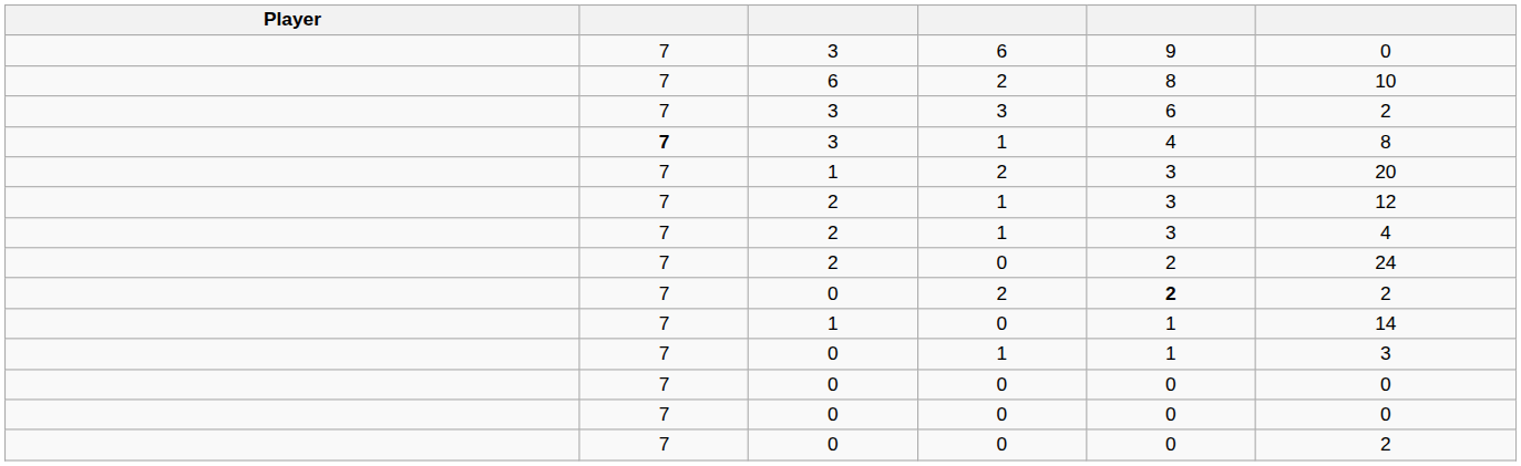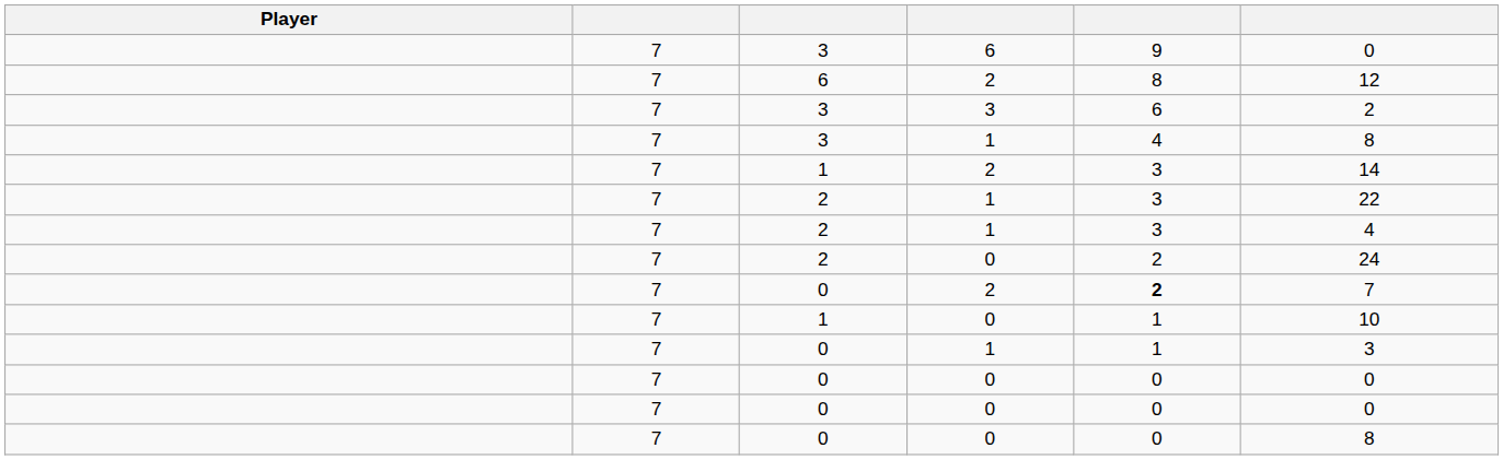 <table class="wikitable sortable" style="width:100%;">
 <tr align=center>
 <th>Player</th>
 <th></th>
 <th></th>
 <th></th>
 <th></th>
 <th></th>
 </tr>
 <tr align=center>
 <td></td>
 <td>7</td>
 <td>3</td>
 <td>6</td>
 <td>9</td>
 <td>0</td>
 </tr>
 <tr align=center>
 <td></td>
 <td>7</td>
 <td>6</td>
 <td>2</td>
 <td>8</td>
-<td>10</td>
+<td>12</td>
 </tr>
 <tr align=center>
 <td></td>
 <td>7</td>
 <td>3</td>
 <td>3</td>
 <td>6</td>
 <td>2</td>
 </tr>
 <tr align=center>
 <td></td>
-<td><strong>7</strong></td>
+<td>7</td>
 <td>3</td>
 <td>1</td>
 <td>4</td>
 <td>8</td>
 </tr>
 <tr align=center>
 <td></td>
 <td>7</td>
 <td>1</td>
 <td>2</td>
 <td>3</td>
-<td>20</td>
+<td>14</td>
 </tr>
 <tr align=center>
 <td></td>
 <td>7</td>
 <td>2</td>
 <td>1</td>
 <td>3</td>
-<td>12</td>
+<td>22</td>
 </tr>
 <tr align=center>
 <td></td>
 <td>7</td>
 <td>2</td>
 <td>1</td>
 <td>3</td>
 <td>4</td>
 </tr>
 <tr align=center>
 <td></td>
 <td>7</td>
 <td>2</td>
 <td>0</td>
 <td>2</td>
 <td>24</td>
 </tr>
 <tr align=center>
 <td></td>
 <td>7</td>
 <td>0</td>
 <td>2</td>
 <td><strong>2</strong></td>
-<td>2</td>
+<td>7</td>
 </tr>
 <tr align=center>
 <td></td>
 <td>7</td>
 <td>1</td>
 <td>0</td>
 <td>1</td>
-<td>14</td>
+<td>10</td>
 </tr>
 <tr align=center>
 <td></td>
 <td>7</td>
 <td>0</td>
 <td>1</td>
 <td>1</td>
 <td>3</td>
 </tr>
 <tr align=center>
 <td></td>
 <td>7</td>
 <td>0</td>
 <td>0</td>
 <td>0</td>
 <td>0</td>
 </tr>
 <tr align=center>
 <td></td>
 <td>7</td>
 <td>0</td>
 <td>0</td>
 <td>0</td>
 <td>0</td>
 </tr>
 <tr align=center>
 <td></td>
 <td>7</td>
 <td>0</td>
 <td>0</td>
 <td>0</td>
-<td>2</td>
+<td>8</td>
 </tr>
 </table>
